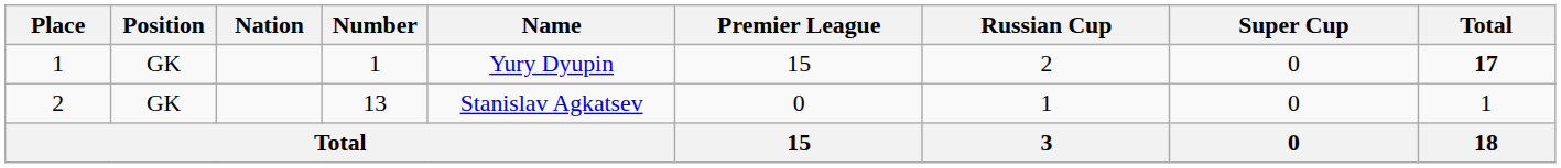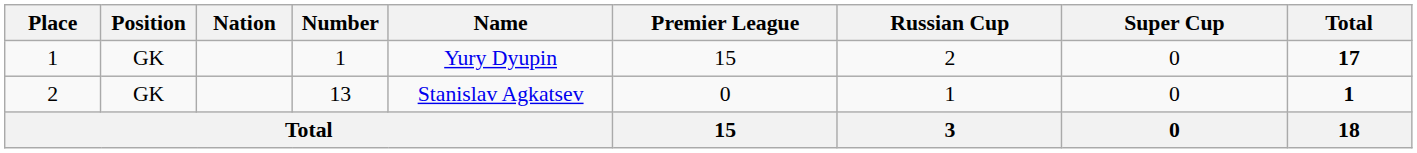 <table class="wikitable" style="font-size: 95%; text-align: center;">
 <tr>
 <th width=60>Place</th>
 <th width=60>Position</th>
 <th width=60>Nation</th>
 <th width=60>Number</th>
 <th width=150>Name</th>
 <th width=150>Premier League</th>
 <th width=150>Russian Cup</th>
 <th width=150>Super Cup</th>
 <th width=80>Total</th>
 </tr>
 <tr>
 <td>1</td>
 <td>GK</td>
 <td></td>
 <td>1</td>
 <td><a href='#'>Yury Dyupin</a></td>
 <td>15</td>
 <td>2</td>
 <td>0</td>
 <td><strong>17</strong></td>
 </tr>
 <tr>
 <td>2</td>
 <td>GK</td>
 <td></td>
 <td>13</td>
 <td><a href='#'>Stanislav Agkatsev</a></td>
 <td>0</td>
 <td>1</td>
 <td>0</td>
-<td>1</td>
+<td><strong>1</strong></td>
 </tr>
 <tr>
 <th colspan=5>Total</th>
 <th>15</th>
 <th>3</th>
 <th>0</th>
 <th>18</th>
 </tr>
 </table>
